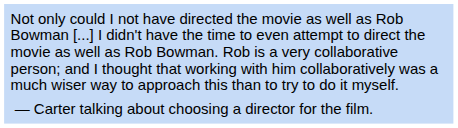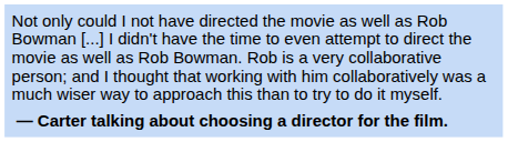 <table class="toccolours" style="float: right; margin-left: 1em; margin-right: 2em; font-size: 90%; background:#c6dbf7; color:black; width:30em; max-width: 40%;" cellspacing="5">
 <tr>
 <td style="text-align: left">Not only could I not have directed the movie as well as Rob Bowman [...] I didn't have the time to even attempt to direct the movie as well as Rob Bowman. Rob is a very collaborative person; and I thought that working with him collaboratively was a much wiser way to approach this than to try to do it myself.</td>
 </tr>
 <tr>
-<td style="text-align: left;"> — Carter talking about choosing a director for the film.</td>
+<td style="text-align: left;"><strong> — Carter talking about choosing a director for the film.</strong></td>
 </tr>
 </table>
